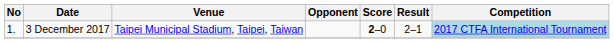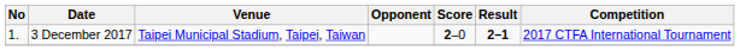 <table class="wikitable" style="font-size:100%;">
 <tr>
 <th>No</th>
 <th>Date</th>
 <th>Venue</th>
 <th>Opponent</th>
 <th>Score</th>
 <th>Result</th>
 <th>Competition</th>
 </tr>
 <tr>
 <td>1.</td>
 <td>3 December 2017</td>
 <td><a href='#'>Taipei Municipal Stadium</a>, <a href='#'>Taipei</a>, <a href='#'>Taiwan</a></td>
 <td></td>
 <td align=center><strong>2</strong>–0</td>
-<td align=center>2–1</td>
-<td style="background: lightblue;"><a href='#'>2017 CTFA International Tournament</a></td>
+<td align=center><strong>2–1</strong></td>
+<td><a href='#'>2017 CTFA International Tournament</a></td>
 </tr>
 <tr>
 </tr>
 </table>
